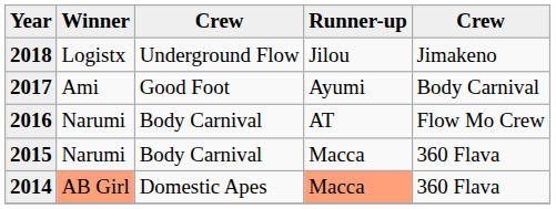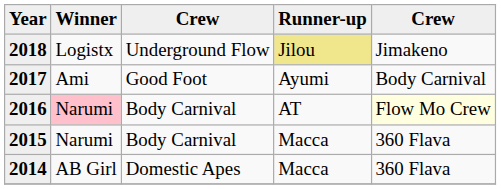 <table class="wikitable">
 <tr>
 <th scope="col" style="background:#efefef;">Year</th>
 <th scope="col" style="background:#efefef;">Winner</th>
 <th scope="col" style="background:#efefef;">Crew</th>
 <th scope="col" style="background:#efefef;">Runner-up</th>
 <th scope="col" style="background:#efefef;">Crew</th>
 </tr>
 <tr>
 <th scope="row" style="background:#efefef;">2018</th>
 <td> Logistx</td>
 <td>Underground Flow</td>
-<td> Jilou</td>
+<td style="background: khaki;"> Jilou</td>
 <td>Jimakeno</td>
 </tr>
 <tr>
 <th scope="row" style="background:#efefef;">2017</th>
 <td> Ami</td>
 <td>Good Foot</td>
 <td> Ayumi</td>
 <td>Body Carnival</td>
 </tr>
 <tr>
 <th scope="row" style="background:#efefef;">2016</th>
-<td> Narumi</td>
+<td style="background: pink;"> Narumi</td>
 <td>Body Carnival</td>
 <td> AT</td>
-<td>Flow Mo Crew</td>
+<td style="background: lightyellow;">Flow Mo Crew</td>
 </tr>
 <tr>
 <th scope="row" style="background:#efefef;">2015</th>
 <td> Narumi</td>
 <td>Body Carnival</td>
 <td> Macca</td>
 <td>360 Flava</td>
 </tr>
 <tr>
 <th scope="row" style="background:#efefef;">2014</th>
-<td style="background: lightsalmon;"> AB Girl</td>
+<td> AB Girl</td>
 <td>Domestic Apes</td>
-<td style="background: lightsalmon;"> Macca</td>
+<td> Macca</td>
 <td>360 Flava</td>
 </tr>
 <tr>
 </tr>
 </table>
